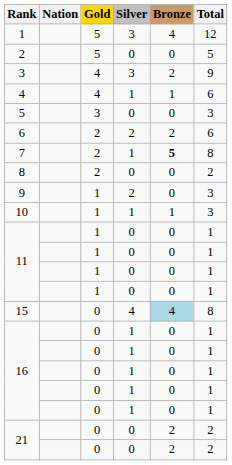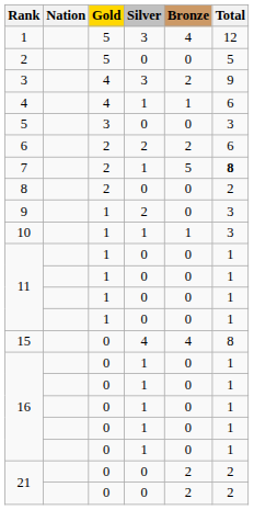 <table class="wikitable sortable" style="text-align:center">
 <tr>
 <th>Rank</th>
 <th>Nation</th>
 <th style="background-color:gold">Gold</th>
 <th style="background-color:silver">Silver</th>
 <th style="background-color:#cc9966">Bronze</th>
 <th>Total</th>
 </tr>
 <tr>
 <td>1</td>
 <td align=left></td>
 <td>5</td>
 <td>3</td>
 <td>4</td>
 <td>12</td>
 </tr>
 <tr>
 <td>2</td>
 <td align=left></td>
 <td>5</td>
 <td>0</td>
 <td>0</td>
 <td>5</td>
 </tr>
 <tr>
 <td>3</td>
 <td align=left></td>
 <td>4</td>
 <td>3</td>
 <td>2</td>
 <td>9</td>
 </tr>
 <tr>
 <td>4</td>
 <td align=left></td>
 <td>4</td>
 <td>1</td>
 <td>1</td>
 <td>6</td>
 </tr>
 <tr>
 <td>5</td>
 <td align=left></td>
 <td>3</td>
 <td>0</td>
 <td>0</td>
 <td>3</td>
 </tr>
 <tr>
 <td>6</td>
 <td align=left></td>
 <td>2</td>
 <td>2</td>
 <td>2</td>
 <td>6</td>
 </tr>
 <tr>
 <td>7</td>
 <td align=left></td>
 <td>2</td>
 <td>1</td>
-<td><strong>5</strong></td>
-<td>8</td>
+<td>5</td>
+<td><strong>8</strong></td>
 </tr>
 <tr>
 <td>8</td>
 <td align=left></td>
 <td>2</td>
 <td>0</td>
 <td>0</td>
 <td>2</td>
 </tr>
 <tr>
 <td>9</td>
 <td align=left></td>
 <td>1</td>
 <td>2</td>
 <td>0</td>
 <td>3</td>
 </tr>
 <tr>
 <td>10</td>
 <td align=left></td>
 <td>1</td>
 <td>1</td>
 <td>1</td>
 <td>3</td>
 </tr>
 <tr>
 <td rowspan=4>11</td>
 <td align=left></td>
 <td>1</td>
 <td>0</td>
 <td>0</td>
 <td>1</td>
 </tr>
 <tr>
 <td align=left></td>
 <td>1</td>
 <td>0</td>
 <td>0</td>
 <td>1</td>
 </tr>
 <tr>
 <td align=left></td>
 <td>1</td>
 <td>0</td>
 <td>0</td>
 <td>1</td>
 </tr>
 <tr>
 <td align=left></td>
 <td>1</td>
 <td>0</td>
 <td>0</td>
 <td>1</td>
 </tr>
 <tr>
 <td>15</td>
 <td align=left></td>
 <td>0</td>
 <td>4</td>
-<td style="background: lightblue;">4</td>
+<td>4</td>
 <td>8</td>
 </tr>
 <tr>
 <td rowspan=5>16</td>
 <td align=left></td>
 <td>0</td>
 <td>1</td>
 <td>0</td>
 <td>1</td>
 </tr>
 <tr>
 <td align=left></td>
 <td>0</td>
 <td>1</td>
 <td>0</td>
 <td>1</td>
 </tr>
 <tr>
 <td align=left></td>
 <td>0</td>
 <td>1</td>
 <td>0</td>
 <td>1</td>
 </tr>
 <tr>
 <td align=left></td>
 <td>0</td>
 <td>1</td>
 <td>0</td>
 <td>1</td>
 </tr>
 <tr>
 <td align=left></td>
 <td>0</td>
 <td>1</td>
 <td>0</td>
 <td>1</td>
 </tr>
 <tr>
 <td rowspan=2>21</td>
 <td align=left></td>
 <td>0</td>
 <td>0</td>
 <td>2</td>
 <td>2</td>
 </tr>
 <tr>
 <td align=left></td>
 <td>0</td>
 <td>0</td>
 <td>2</td>
 <td>2</td>
 </tr>
 </table>
